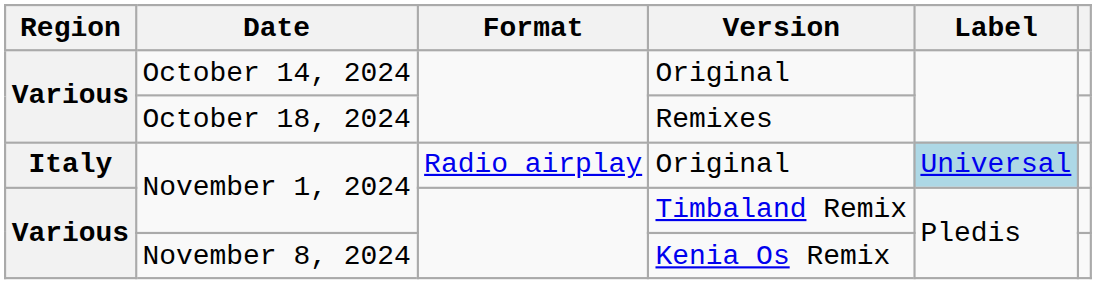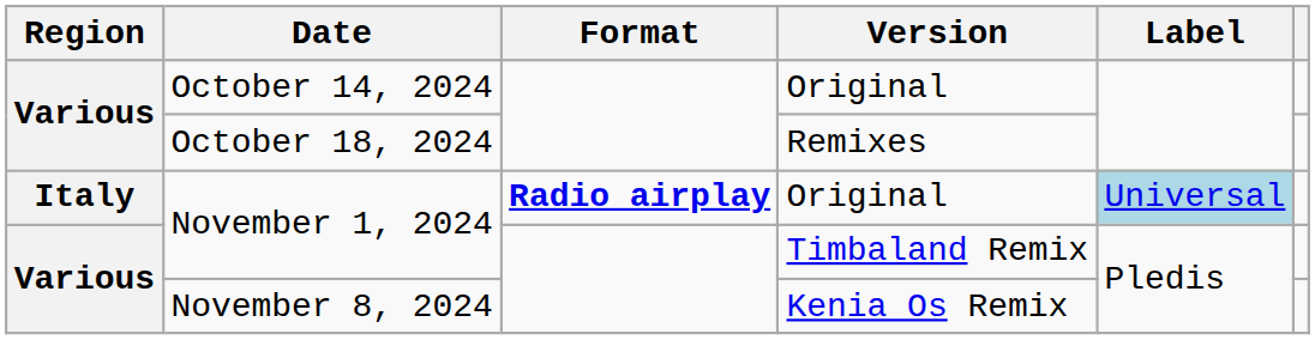 <table class="wikitable plainrowheaders">
 <tr>
 <th scope="col">Region</th>
 <th scope="col">Date</th>
 <th scope="col">Format</th>
 <th scope="col">Version</th>
 <th scope="col">Label</th>
 <th scope="col"></th>
 </tr>
 <tr>
 <th scope="row" rowspan="2">Various</th>
 <td>October 14, 2024</td>
 <td rowspan="2"></td>
 <td>Original</td>
 <td rowspan="2"></td>
 <td style="text-align:center"></td>
 </tr>
 <tr>
 <td>October 18, 2024</td>
 <td>Remixes</td>
 <td style="text-align:center"></td>
 </tr>
 <tr>
 <th scope="row">Italy</th>
 <td rowspan="2">November 1, 2024</td>
-<td><a href='#'>Radio airplay</a></td>
+<td><strong><a href='#'>Radio airplay</a></strong></td>
 <td>Original</td>
 <td style="background: lightblue;"><a href='#'>Universal</a></td>
 <td style="text-align:center"></td>
 </tr>
 <tr>
 <th scope="row" rowspan="2">Various</th>
 <td rowspan="2"></td>
 <td><a href='#'>Timbaland</a> Remix</td>
 <td rowspan="2">Pledis</td>
 <td style="text-align:center"></td>
 </tr>
 <tr>
 <td>November 8, 2024</td>
 <td><a href='#'>Kenia Os</a> Remix</td>
 <td style="text-align:center"></td>
 </tr>
 </table>
